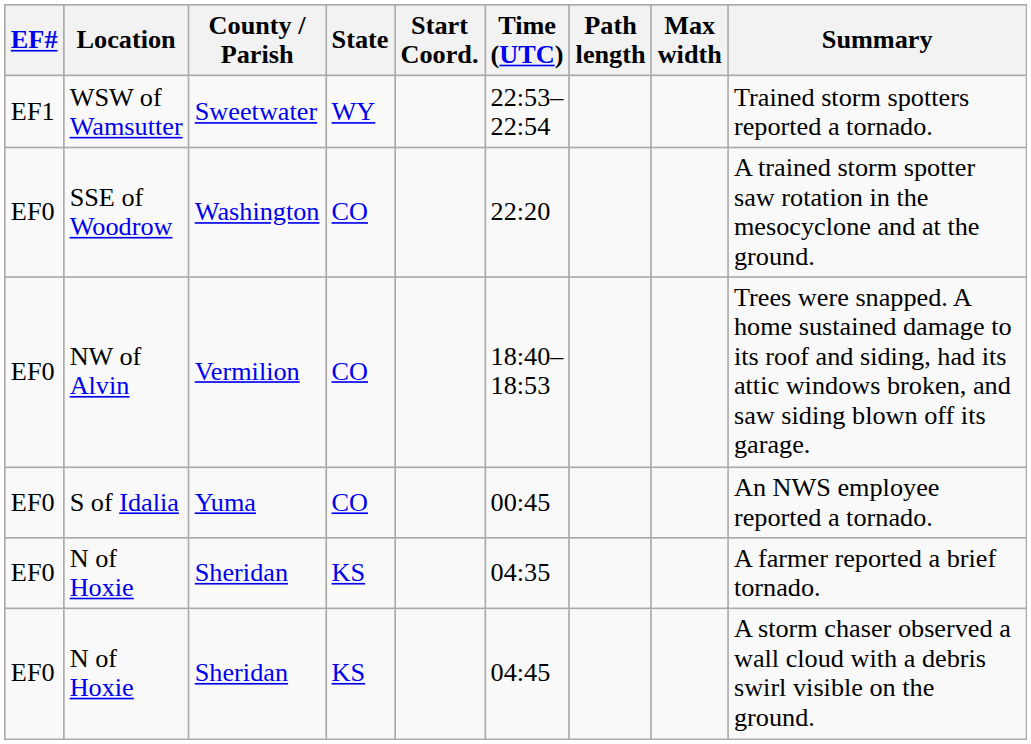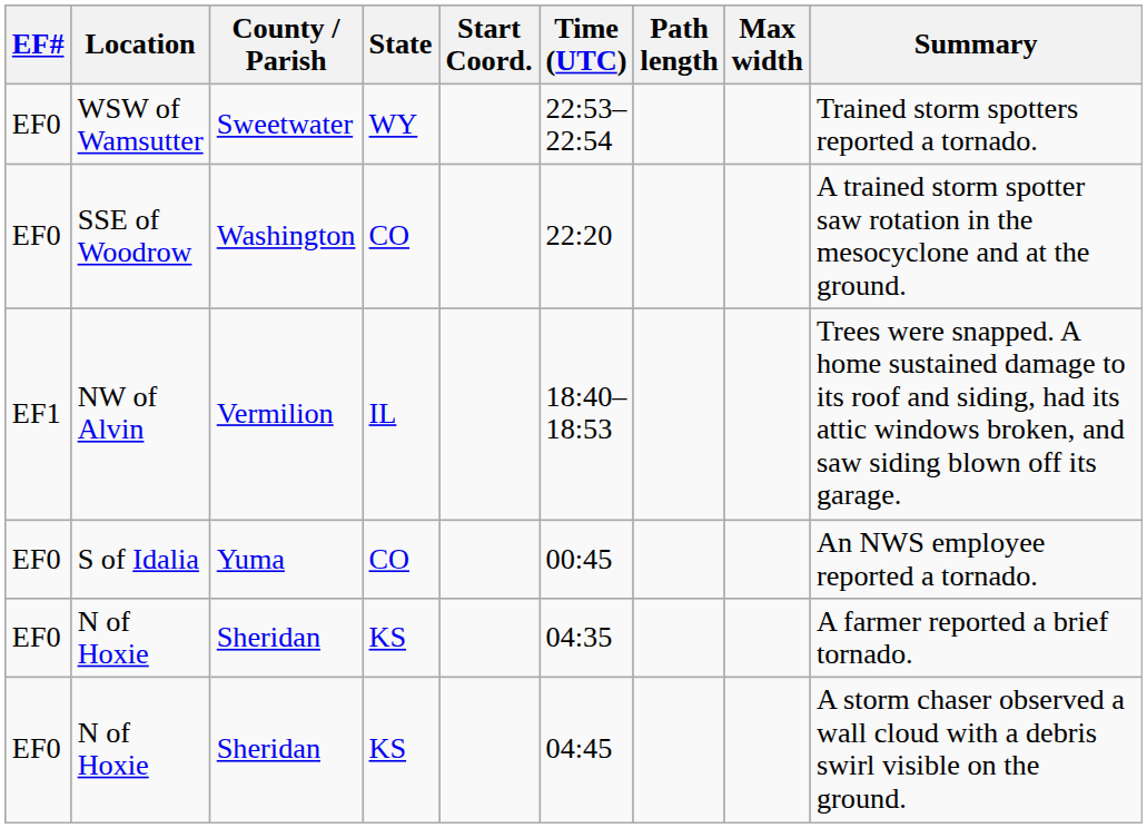 <table class="wikitable sortable" style="width:100%;">
 <tr>
 <th scope="col"  style="width:3%; text-align:center;"><a href='#'>EF#</a></th>
 <th scope="col"  style="width:7%; text-align:center;" class="unsortable">Location</th>
 <th scope="col"  style="width:6%; text-align:center;" class="unsortable">County / Parish</th>
 <th scope="col"  style="width:5%; text-align:center;">State</th>
 <th scope="col"  style="width:6%; text-align:center;">Start Coord.</th>
 <th scope="col"  style="width:6%; text-align:center;">Time (<a href='#'>UTC</a>)</th>
 <th scope="col"  style="width:6%; text-align:center;">Path length</th>
 <th scope="col"  style="width:6%; text-align:center;">Max width</th>
 <th scope="col" class="unsortable" style="width:48%; text-align:center;">Summary</th>
 </tr>
 <tr>
-<td>EF1</td>
+<td>EF0</td>
 <td>WSW of <a href='#'>Wamsutter</a></td>
 <td><a href='#'>Sweetwater</a></td>
 <td><a href='#'>WY</a></td>
 <td></td>
 <td>22:53–22:54</td>
 <td></td>
 <td></td>
 <td>Trained storm spotters reported a tornado.</td>
 </tr>
 <tr>
 <td>EF0</td>
 <td>SSE of <a href='#'>Woodrow</a></td>
 <td><a href='#'>Washington</a></td>
 <td><a href='#'>CO</a></td>
 <td></td>
 <td>22:20</td>
 <td></td>
 <td></td>
 <td>A trained storm spotter saw rotation in the mesocyclone and at the ground.</td>
 </tr>
 <tr>
-<td>EF0</td>
+<td>EF1</td>
 <td>NW of <a href='#'>Alvin</a></td>
 <td><a href='#'>Vermilion</a></td>
-<td><a href='#'>CO</a></td>
+<td><a href='#'>IL</a></td>
 <td></td>
 <td>18:40–18:53</td>
 <td></td>
 <td></td>
 <td>Trees were snapped. A home sustained damage to its roof and siding, had its attic windows broken, and saw siding blown off its garage.</td>
 </tr>
 <tr>
 <td>EF0</td>
 <td>S of <a href='#'>Idalia</a></td>
 <td><a href='#'>Yuma</a></td>
 <td><a href='#'>CO</a></td>
 <td></td>
 <td>00:45</td>
 <td></td>
 <td></td>
 <td>An NWS employee reported a tornado.</td>
 </tr>
 <tr>
 <td>EF0</td>
 <td>N of <a href='#'>Hoxie</a></td>
 <td><a href='#'>Sheridan</a></td>
 <td><a href='#'>KS</a></td>
 <td></td>
 <td>04:35</td>
 <td></td>
 <td></td>
 <td>A farmer reported a brief tornado.</td>
 </tr>
 <tr>
 <td>EF0</td>
 <td>N of <a href='#'>Hoxie</a></td>
 <td><a href='#'>Sheridan</a></td>
 <td><a href='#'>KS</a></td>
 <td></td>
 <td>04:45</td>
 <td></td>
 <td></td>
 <td>A storm chaser observed a wall cloud with a debris swirl visible on the ground.</td>
 </tr>
 <tr>
 </tr>
 </table>
